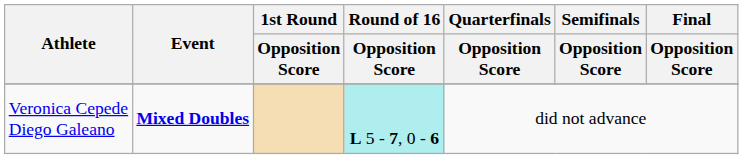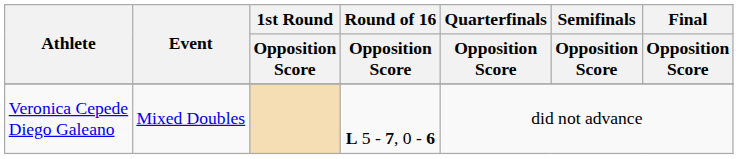 <table class="wikitable" border="1" style="font-size:90%">
 <tr>
 <th rowspan=2>Athlete</th>
 <th rowspan=2>Event</th>
 <th>1st Round</th>
 <th>Round of 16</th>
 <th>Quarterfinals</th>
 <th>Semifinals</th>
 <th>Final</th>
 </tr>
 <tr>
 <th>Opposition<br>Score</th>
 <th>Opposition<br>Score</th>
 <th>Opposition<br>Score</th>
 <th>Opposition<br>Score</th>
 <th>Opposition<br>Score</th>
 </tr>
 <tr>
 </tr>
 <tr>
 <td><a href='#'>Veronica Cepede</a><br><a href='#'>Diego Galeano</a></td>
-<td><strong><a href='#'>Mixed Doubles</a></strong></td>
+<td><a href='#'>Mixed Doubles</a></td>
 <td align=center bgcolor=wheat></td>
-<td align=center style="background: paleturquoise;"><br><br><strong>L</strong> 5 - <strong>7</strong>, 0 - <strong>6</strong></td>
+<td align=center><br><br><strong>L</strong> 5 - <strong>7</strong>, 0 - <strong>6</strong></td>
 <td align="center" colspan="7">did not advance</td>
 </tr>
 </table>
